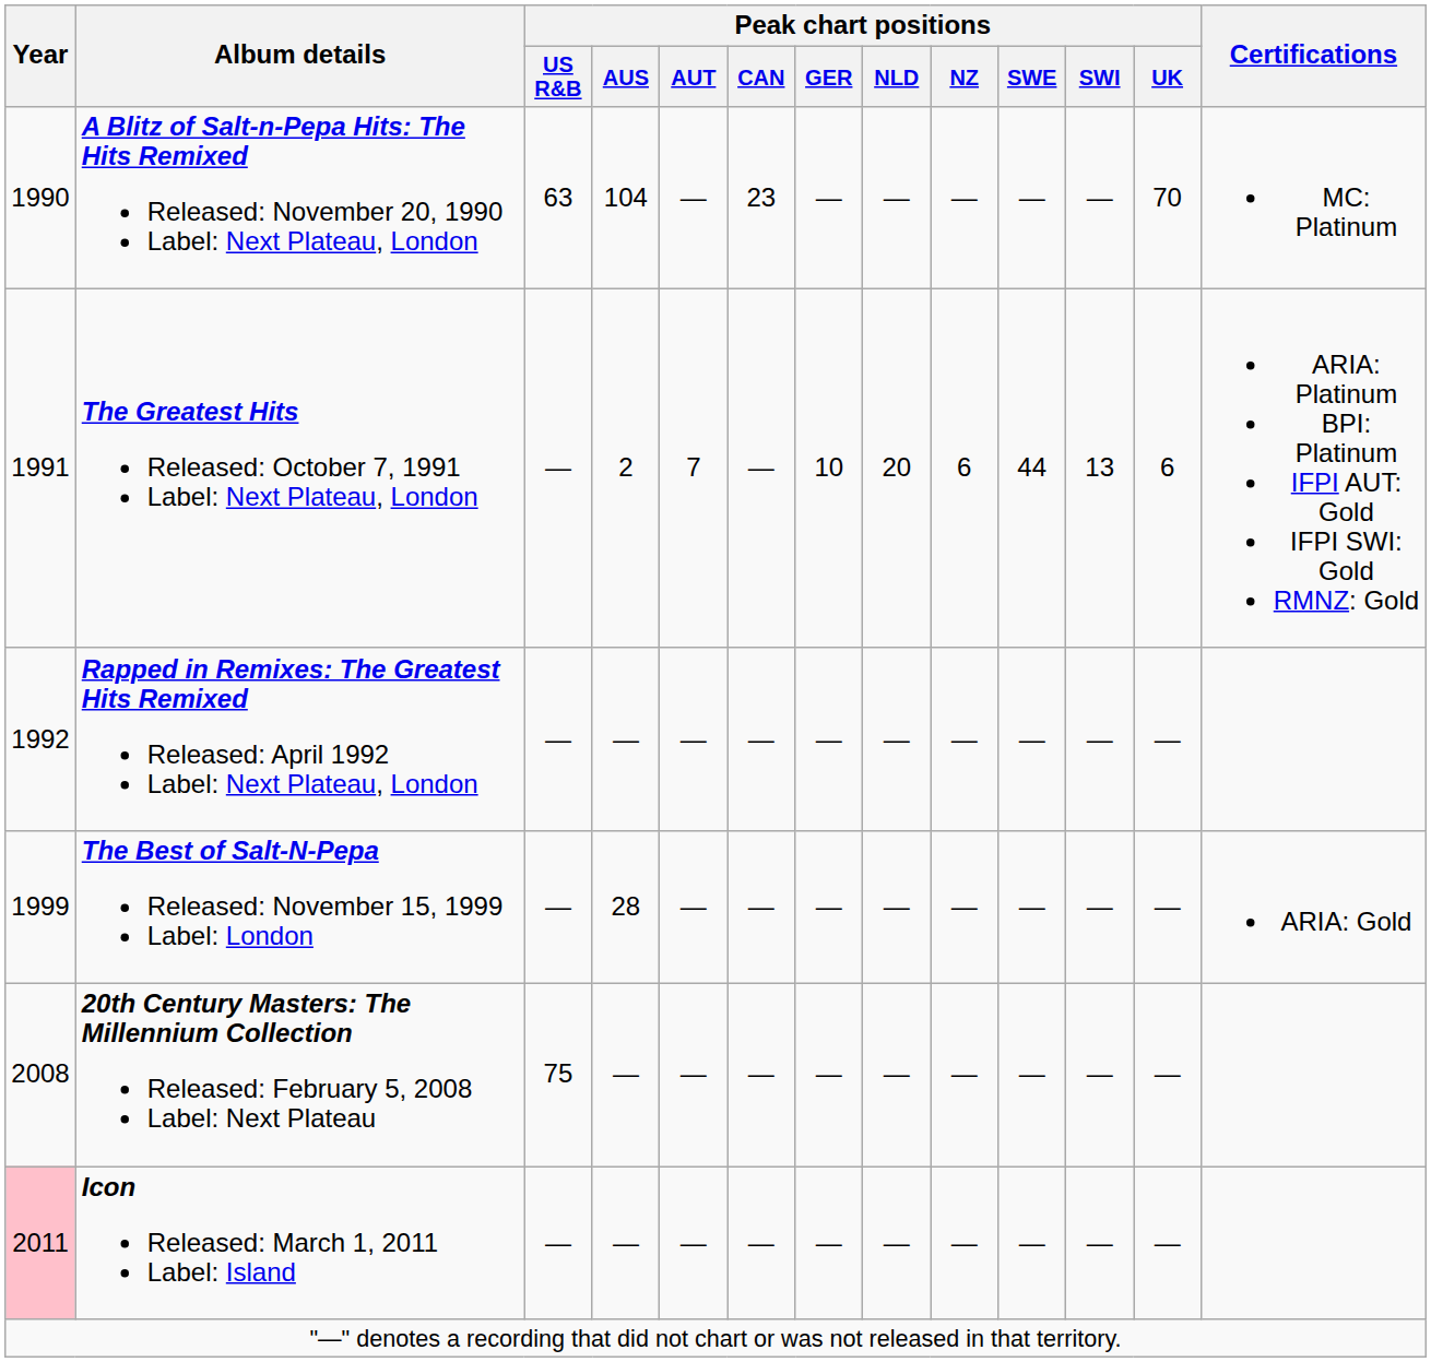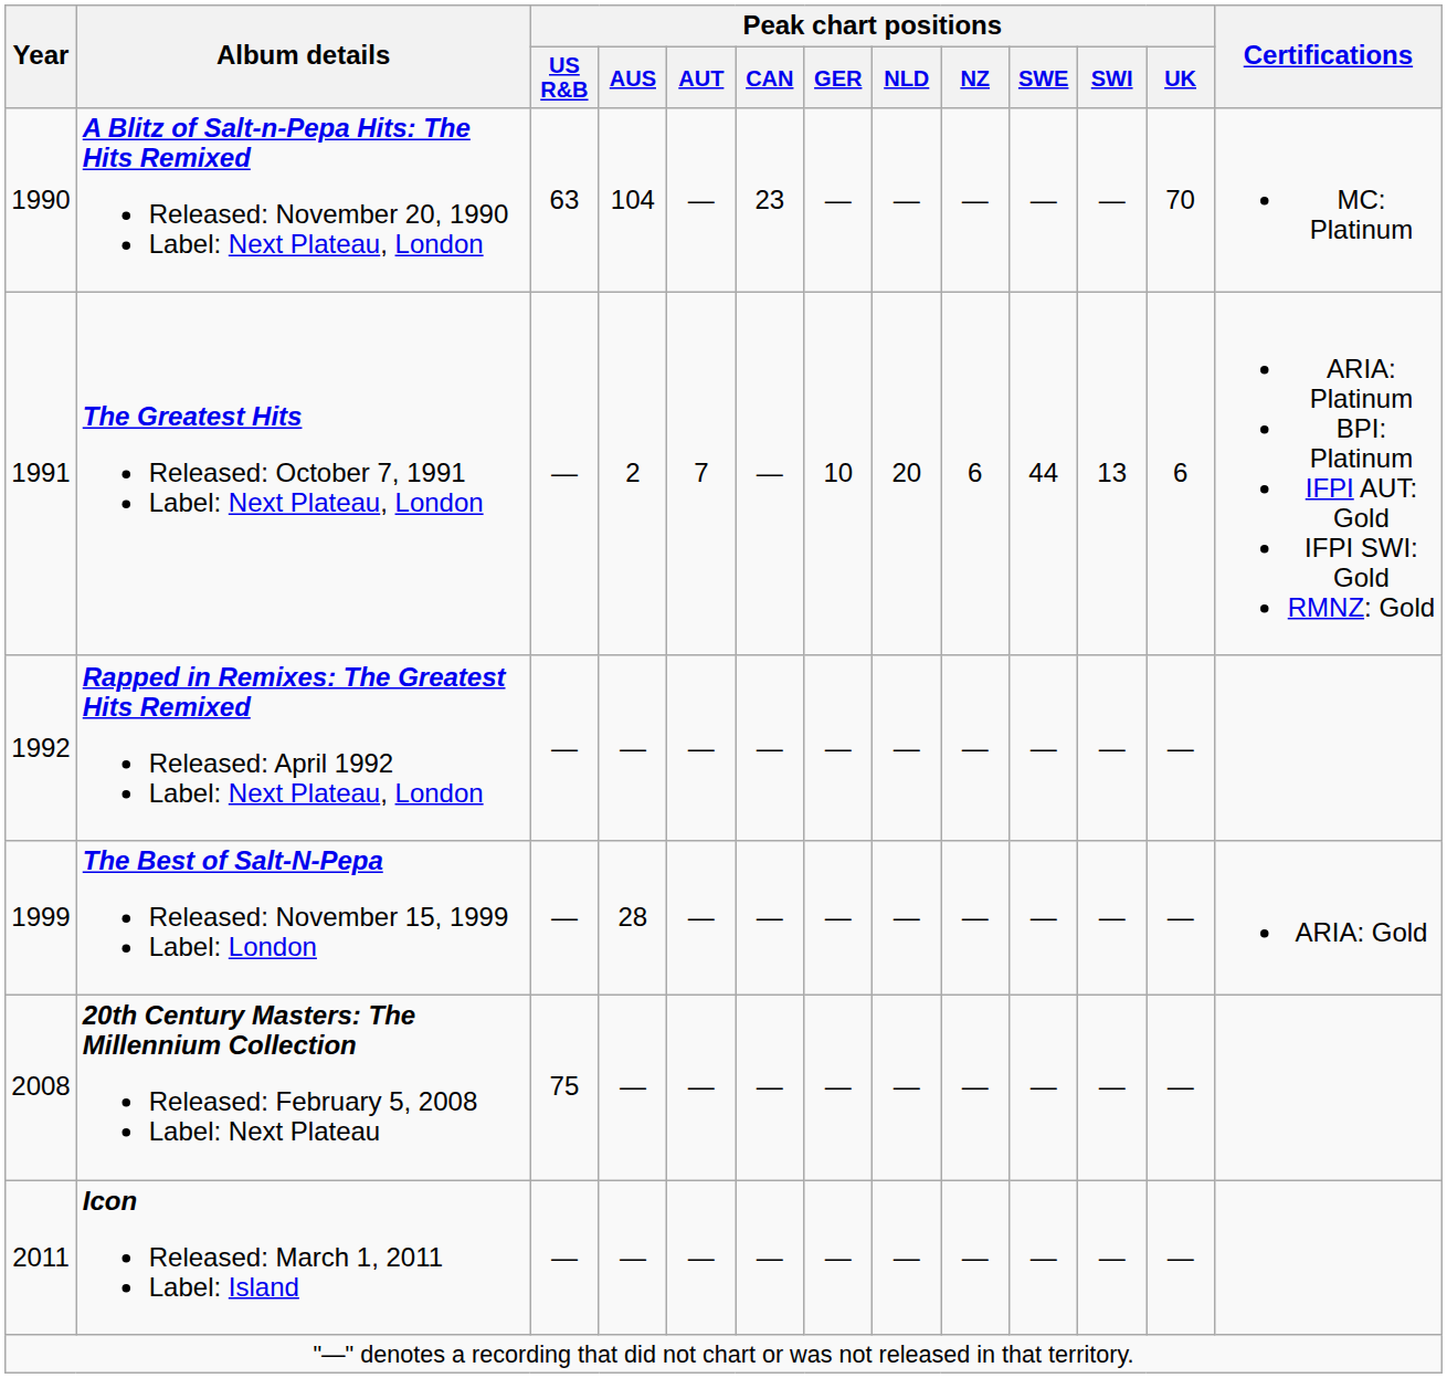 <table class="wikitable" style="text-align:center;">
 <tr>
 <th rowspan="2">Year</th>
 <th rowspan="2">Album details</th>
 <th colspan="10">Peak chart positions</th>
 <th rowspan="2"><a href='#'>Certifications</a></th>
 </tr>
 <tr style="font-size:smaller;">
 <th width="35"><a href='#'>US R&B</a><br></th>
 <th width="35"><a href='#'>AUS</a><br></th>
 <th width="35"><a href='#'>AUT</a><br></th>
 <th width="35"><a href='#'>CAN</a><br></th>
 <th width="35"><a href='#'>GER</a><br></th>
 <th width="35"><a href='#'>NLD</a><br></th>
 <th width="35"><a href='#'>NZ</a><br></th>
 <th width="35"><a href='#'>SWE</a><br></th>
 <th width="35"><a href='#'>SWI</a><br></th>
 <th width="35"><a href='#'>UK</a><br></th>
 </tr>
 <tr>
 <td>1990</td>
 <td align="left"><strong><em><a href='#'>A Blitz of Salt-n-Pepa Hits: The Hits Remixed</a></em></strong><br><ul><li>Released: November 20, 1990</li><li>Label: <a href='#'>Next Plateau</a>, <a href='#'>London</a></li></ul></td>
 <td>63</td>
 <td>104</td>
 <td>—</td>
 <td>23</td>
 <td>—</td>
 <td>—</td>
 <td>—</td>
 <td>—</td>
 <td>—</td>
 <td>70</td>
 <td><br><ul><li>MC: Platinum</li></ul></td>
 </tr>
 <tr>
 <td>1991</td>
 <td align="left"><strong><em><a href='#'>The Greatest Hits</a></em></strong><br><ul><li>Released: October 7, 1991</li><li>Label: <a href='#'>Next Plateau</a>, <a href='#'>London</a></li></ul></td>
 <td>—</td>
 <td>2</td>
 <td>7</td>
 <td>—</td>
 <td>10</td>
 <td>20</td>
 <td>6</td>
 <td>44</td>
 <td>13</td>
 <td>6</td>
 <td><br><ul><li>ARIA: Platinum</li><li>BPI: Platinum</li><li><a href='#'>IFPI</a> AUT: Gold</li><li>IFPI SWI: Gold</li><li><a href='#'>RMNZ</a>: Gold</li></ul></td>
 </tr>
 <tr>
 <td>1992</td>
 <td align="left"><strong><em><a href='#'>Rapped in Remixes: The Greatest Hits Remixed</a></em></strong><br><ul><li>Released: April 1992</li><li>Label: <a href='#'>Next Plateau</a>, <a href='#'>London</a></li></ul></td>
 <td>—</td>
 <td>—</td>
 <td>—</td>
 <td>—</td>
 <td>—</td>
 <td>—</td>
 <td>—</td>
 <td>—</td>
 <td>—</td>
 <td>—</td>
 <td></td>
 </tr>
 <tr>
 <td>1999</td>
 <td align="left"><strong><em><a href='#'>The Best of Salt-N-Pepa</a></em></strong><br><ul><li>Released: November 15, 1999</li><li>Label: <a href='#'>London</a></li></ul></td>
 <td>—</td>
 <td>28</td>
 <td>—</td>
 <td>—</td>
 <td>—</td>
 <td>—</td>
 <td>—</td>
 <td>—</td>
 <td>—</td>
 <td>—</td>
 <td><br><ul><li>ARIA: Gold</li></ul></td>
 </tr>
 <tr>
 <td>2008</td>
 <td align="left"><strong><em>20th Century Masters: The Millennium Collection</em></strong><br><ul><li>Released: February 5, 2008</li><li>Label: Next Plateau</li></ul></td>
 <td>75</td>
 <td>—</td>
 <td>—</td>
 <td>—</td>
 <td>—</td>
 <td>—</td>
 <td>—</td>
 <td>—</td>
 <td>—</td>
 <td>—</td>
 <td></td>
 </tr>
 <tr>
-<td style="background: pink;">2011</td>
+<td>2011</td>
 <td align="left"><strong><em>Icon</em></strong><br><ul><li>Released: March 1, 2011</li><li>Label: <a href='#'>Island</a></li></ul></td>
 <td>—</td>
 <td>—</td>
 <td>—</td>
 <td>—</td>
 <td>—</td>
 <td>—</td>
 <td>—</td>
 <td>—</td>
 <td>—</td>
 <td>—</td>
 <td></td>
 </tr>
 <tr>
 <td colspan="15" style="font-size:90%">"—" denotes a recording that did not chart or was not released in that territory.</td>
 </tr>
 </table>
